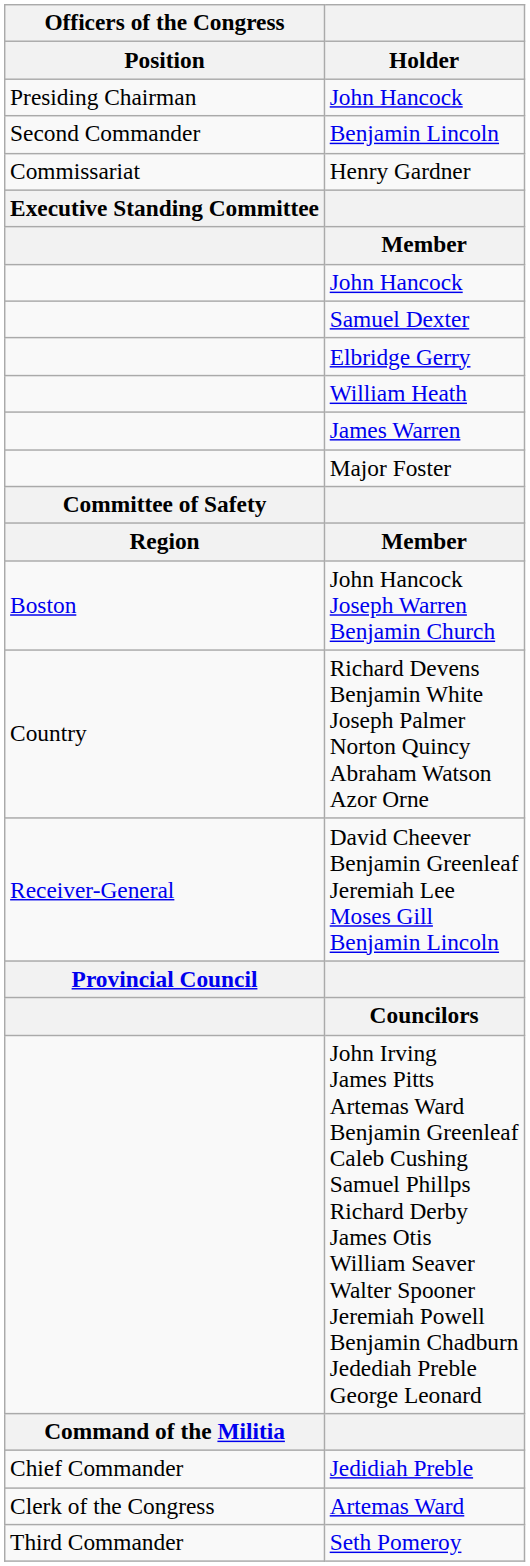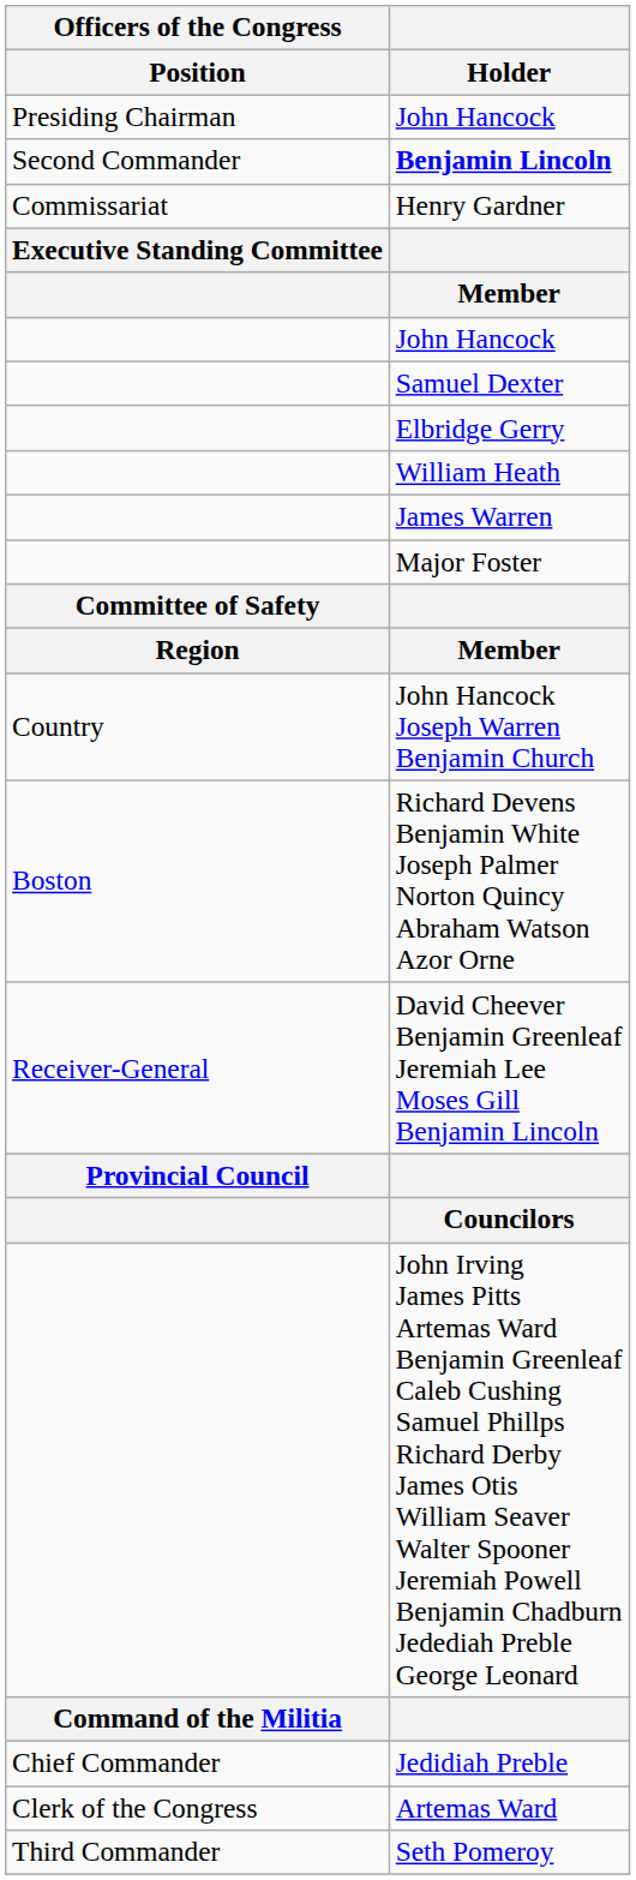 <table class="wikitable mw-collapsible">
 <tr>
 <th><strong>Officers of the Congress</strong></th>
 <th></th>
 </tr>
 <tr>
 <th>Position</th>
 <th>Holder</th>
 </tr>
 <tr>
 <td>Presiding Chairman</td>
 <td><a href='#'>John Hancock</a></td>
 </tr>
 <tr>
 <td>Second Commander</td>
-<td><a href='#'>Benjamin Lincoln</a></td>
+<td><strong><a href='#'>Benjamin Lincoln</a></strong></td>
 </tr>
 <tr>
 <td>Commissariat</td>
 <td>Henry Gardner</td>
 </tr>
 <tr>
 <th><strong>Executive Standing Committee</strong></th>
 <th></th>
 </tr>
 <tr>
 <th></th>
 <th>Member</th>
 </tr>
 <tr>
 <td></td>
 <td><a href='#'>John Hancock</a></td>
 </tr>
 <tr>
 <td></td>
 <td><a href='#'>Samuel Dexter</a></td>
 </tr>
 <tr>
 <td></td>
 <td><a href='#'>Elbridge Gerry</a></td>
 </tr>
 <tr>
 <td></td>
 <td><a href='#'>William Heath</a></td>
 </tr>
 <tr>
 <td></td>
 <td><a href='#'>James Warren</a></td>
 </tr>
 <tr>
 <td></td>
 <td>Major Foster</td>
 </tr>
 <tr>
 <th><strong>Committee of Safety</strong></th>
 <th></th>
 </tr>
 <tr>
 <th>Region</th>
 <th>Member</th>
 </tr>
 <tr>
-<td><a href='#'>Boston</a></td>
+<td>Country</td>
 <td>John Hancock<br><a href='#'>Joseph Warren</a><br><a href='#'>Benjamin Church</a></td>
 </tr>
 <tr>
-<td>Country</td>
+<td><a href='#'>Boston</a></td>
 <td>Richard Devens<br>Benjamin White<br>Joseph Palmer<br>Norton Quincy<br>Abraham Watson<br>Azor Orne</td>
 </tr>
 <tr>
 <td><a href='#'>Receiver-General</a></td>
 <td>David Cheever<br>Benjamin Greenleaf<br>Jeremiah Lee<br><a href='#'>Moses Gill</a><br><a href='#'>Benjamin Lincoln</a></td>
 </tr>
 <tr>
 <th><a href='#'>Provincial Council</a></th>
 <th></th>
 </tr>
 <tr>
 <th></th>
 <th>Councilors</th>
 </tr>
 <tr>
 <td></td>
 <td>John Irving<br>James Pitts<br>Artemas Ward<br>Benjamin Greenleaf<br>Caleb Cushing<br>Samuel Phillps<br>Richard Derby<br>James Otis<br>William Seaver<br>Walter Spooner<br>Jeremiah Powell<br>Benjamin Chadburn<br>Jedediah Preble<br>George Leonard</td>
 </tr>
 <tr>
 <th>Command of the <a href='#'>Militia</a></th>
 <th></th>
 </tr>
 <tr>
 <td>Chief Commander</td>
 <td><a href='#'>Jedidiah Preble</a></td>
 </tr>
 <tr>
 <td>Clerk of the Congress</td>
 <td><a href='#'>Artemas Ward</a></td>
 </tr>
 <tr>
 <td>Third Commander</td>
 <td><a href='#'>Seth Pomeroy</a></td>
 </tr>
 </table>
